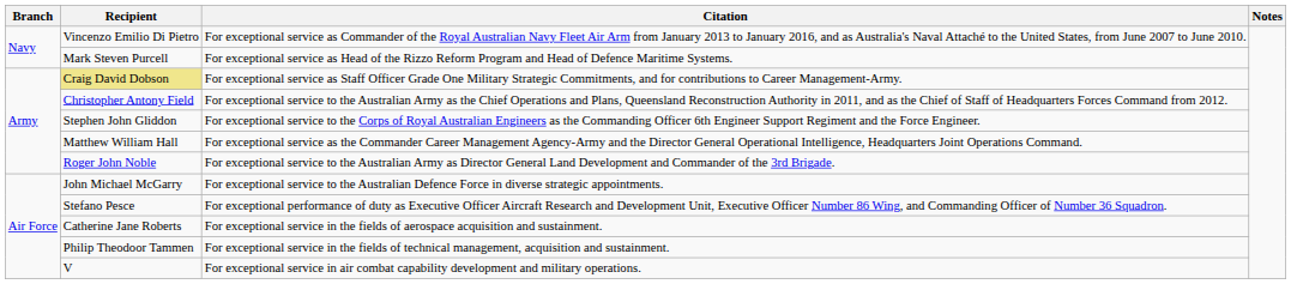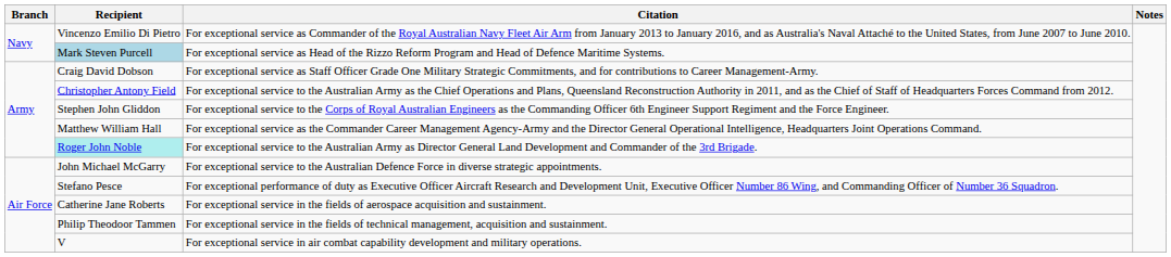 <table class="wikitable" style="font-size:95%;">
 <tr>
 <th>Branch</th>
 <th>Recipient</th>
 <th>Citation</th>
 <th>Notes</th>
 </tr>
 <tr>
 <td rowspan=2><a href='#'>Navy</a></td>
 <td> Vincenzo Emilio Di Pietro </td>
 <td>For exceptional service as Commander of the <a href='#'>Royal Australian Navy Fleet Air Arm</a> from January 2013 to January 2016, and as Australia's Naval Attaché to the United States, from June 2007 to June 2010.</td>
 <td rowspan=12></td>
 </tr>
 <tr>
-<td> Mark Steven Purcell </td>
+<td style="background: lightblue;"> Mark Steven Purcell </td>
 <td>For exceptional service as Head of the Rizzo Reform Program and Head of Defence Maritime Systems.</td>
 </tr>
 <tr>
 <td rowspan=5><a href='#'>Army</a></td>
-<td style="background: khaki;"> Craig David Dobson </td>
+<td> Craig David Dobson </td>
 <td>For exceptional service as Staff Officer Grade One Military Strategic Commitments, and for contributions to Career Management-Army.</td>
 </tr>
 <tr>
 <td> <a href='#'>Christopher Antony Field</a> </td>
 <td>For exceptional service to the Australian Army as the Chief Operations and Plans, Queensland Reconstruction Authority in 2011, and as the Chief of Staff of Headquarters Forces Command from 2012.</td>
 </tr>
 <tr>
 <td> Stephen John Gliddon</td>
 <td>For exceptional service to the <a href='#'>Corps of Royal Australian Engineers</a> as the Commanding Officer 6th Engineer Support Regiment and the Force Engineer.</td>
 </tr>
 <tr>
 <td> Matthew William Hall </td>
 <td>For exceptional service as the Commander Career Management Agency-Army and the Director General Operational Intelligence, Headquarters Joint Operations Command.</td>
 </tr>
 <tr>
-<td> <a href='#'>Roger John Noble</a> </td>
+<td style="background: paleturquoise;"> <a href='#'>Roger John Noble</a> </td>
 <td>For exceptional service to the Australian Army as Director General Land Development and Commander of the <a href='#'>3rd Brigade</a>.</td>
 </tr>
 <tr>
 <td rowspan=5><a href='#'>Air Force</a></td>
 <td> John Michael McGarry </td>
 <td>For exceptional service to the Australian Defence Force in diverse strategic appointments.</td>
 </tr>
 <tr>
 <td> Stefano Pesce</td>
 <td>For exceptional performance of duty as Executive Officer Aircraft Research and Development Unit, Executive Officer <a href='#'>Number 86 Wing</a>, and Commanding Officer of <a href='#'>Number 36 Squadron</a>.</td>
 </tr>
 <tr>
 <td> Catherine Jane Roberts  </td>
 <td>For exceptional service in the fields of aerospace acquisition and sustainment.</td>
 </tr>
 <tr>
 <td> Philip Theodoor Tammen</td>
 <td>For exceptional service in the fields of technical management, acquisition and sustainment.</td>
 </tr>
 <tr>
 <td> V</td>
 <td>For exceptional service in air combat capability development and military operations.</td>
 </tr>
 </table>
